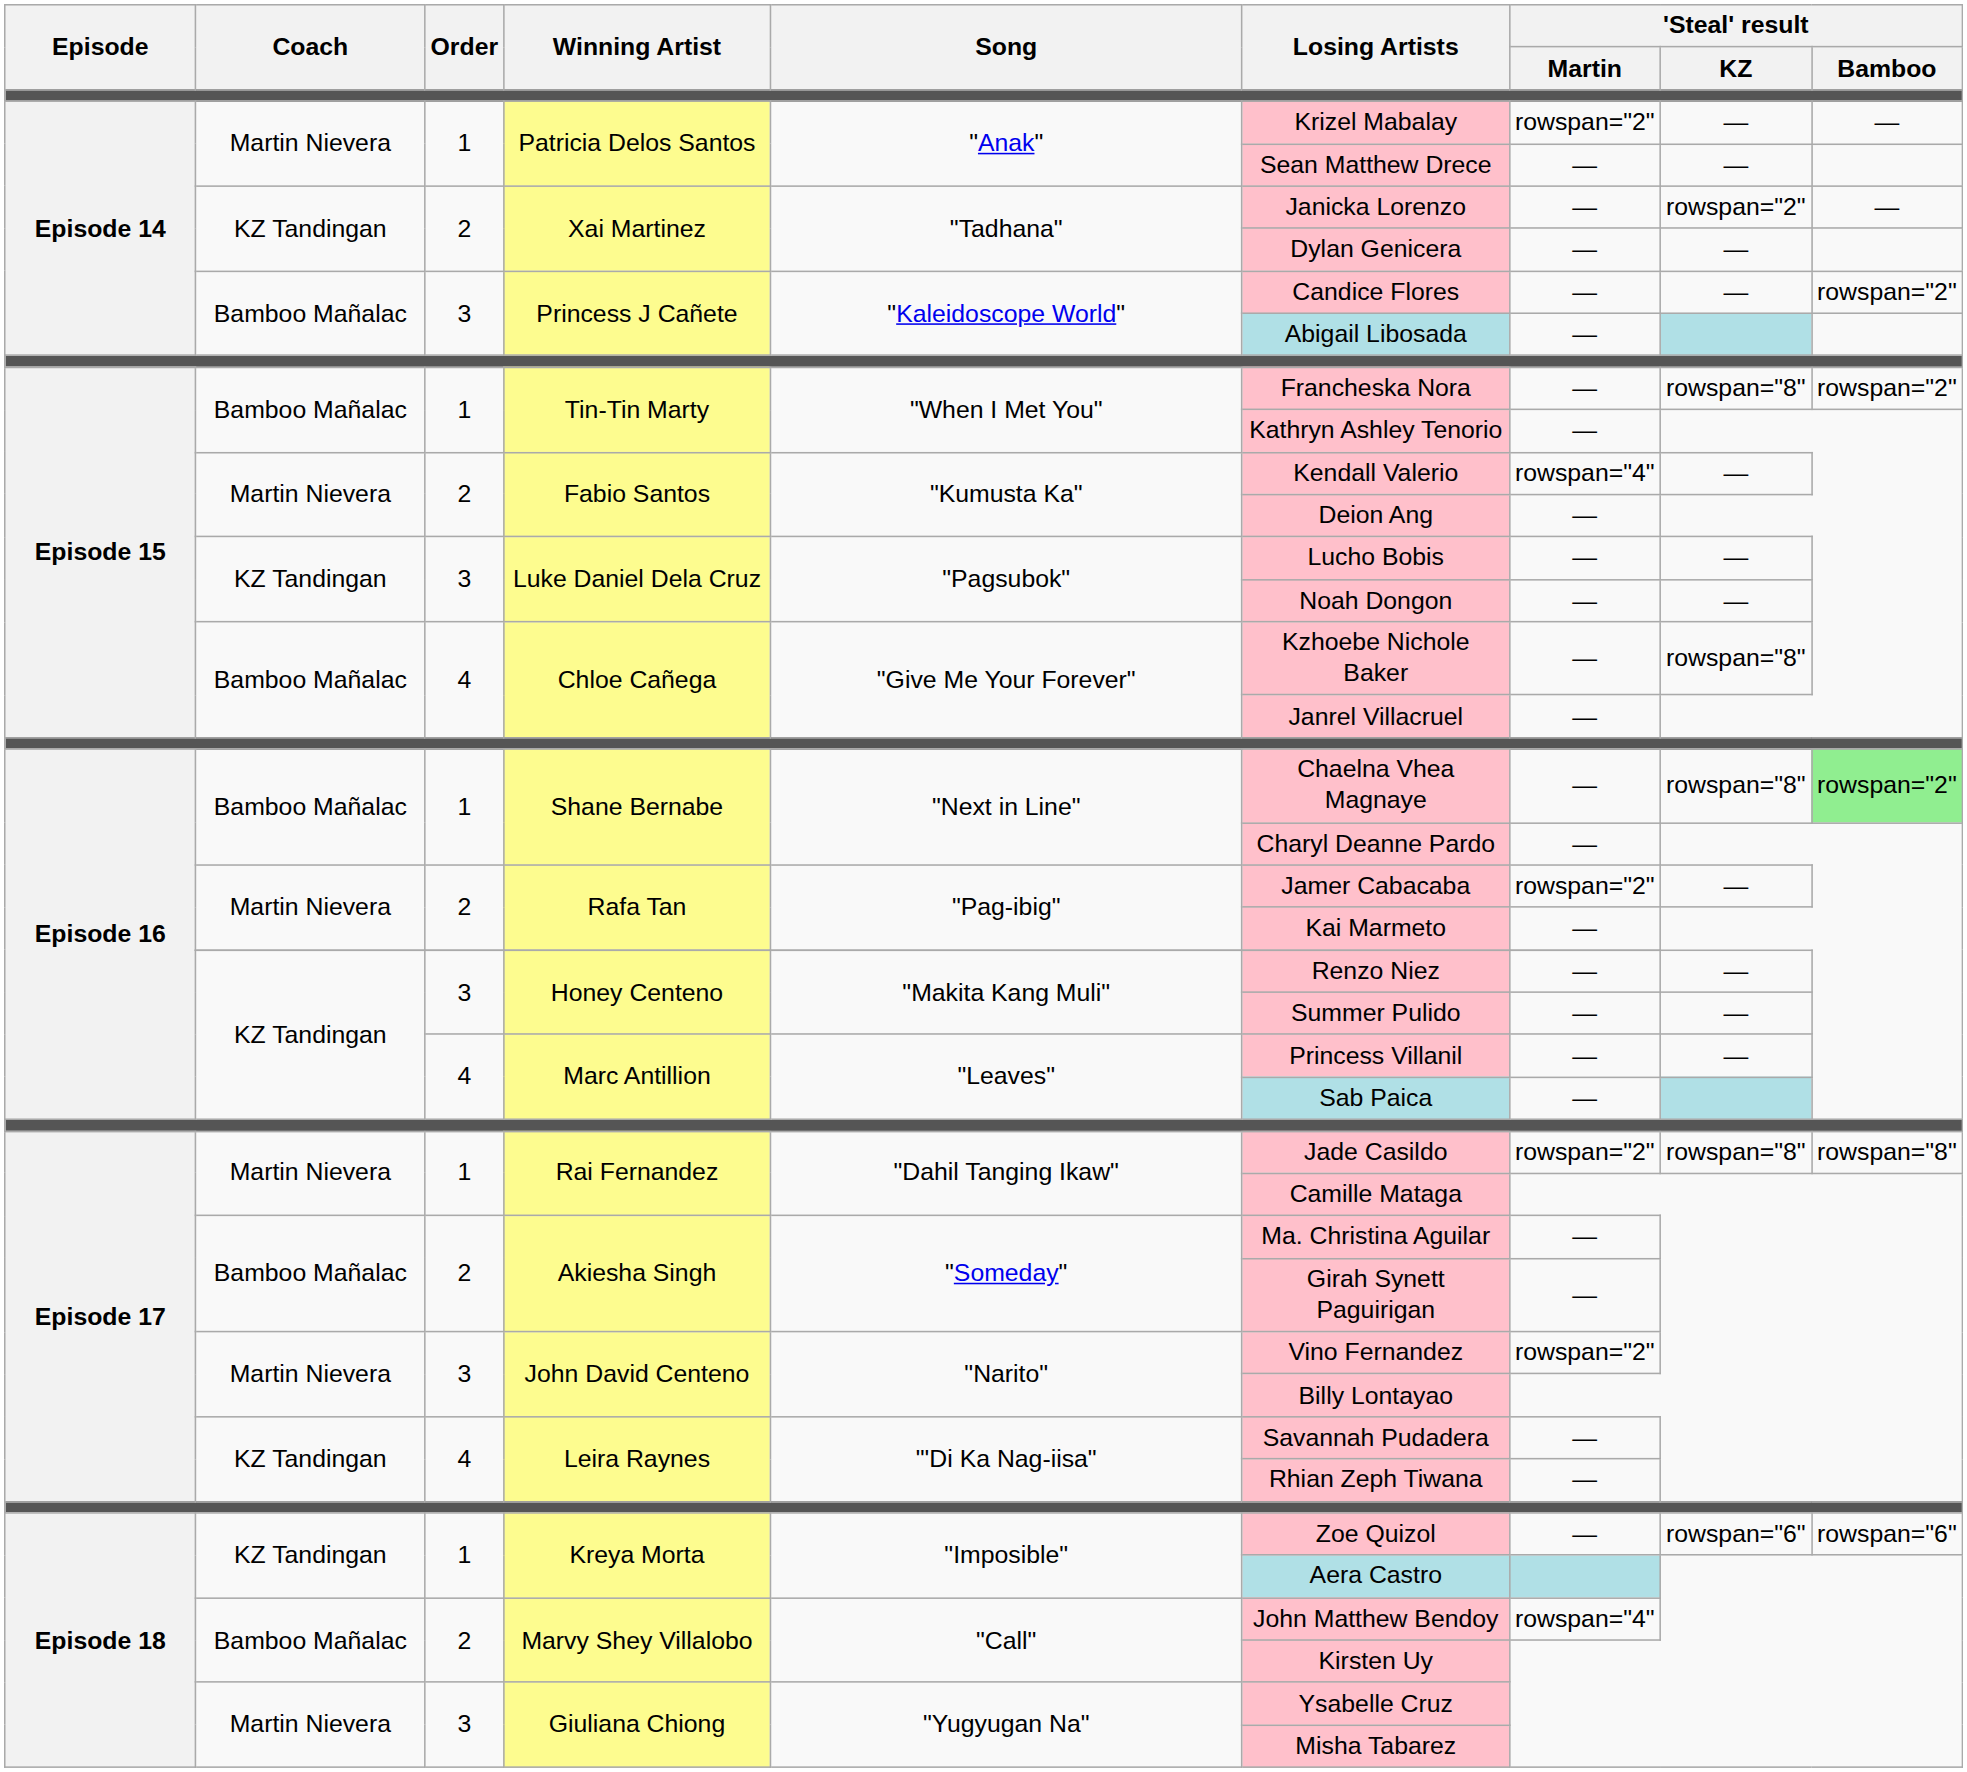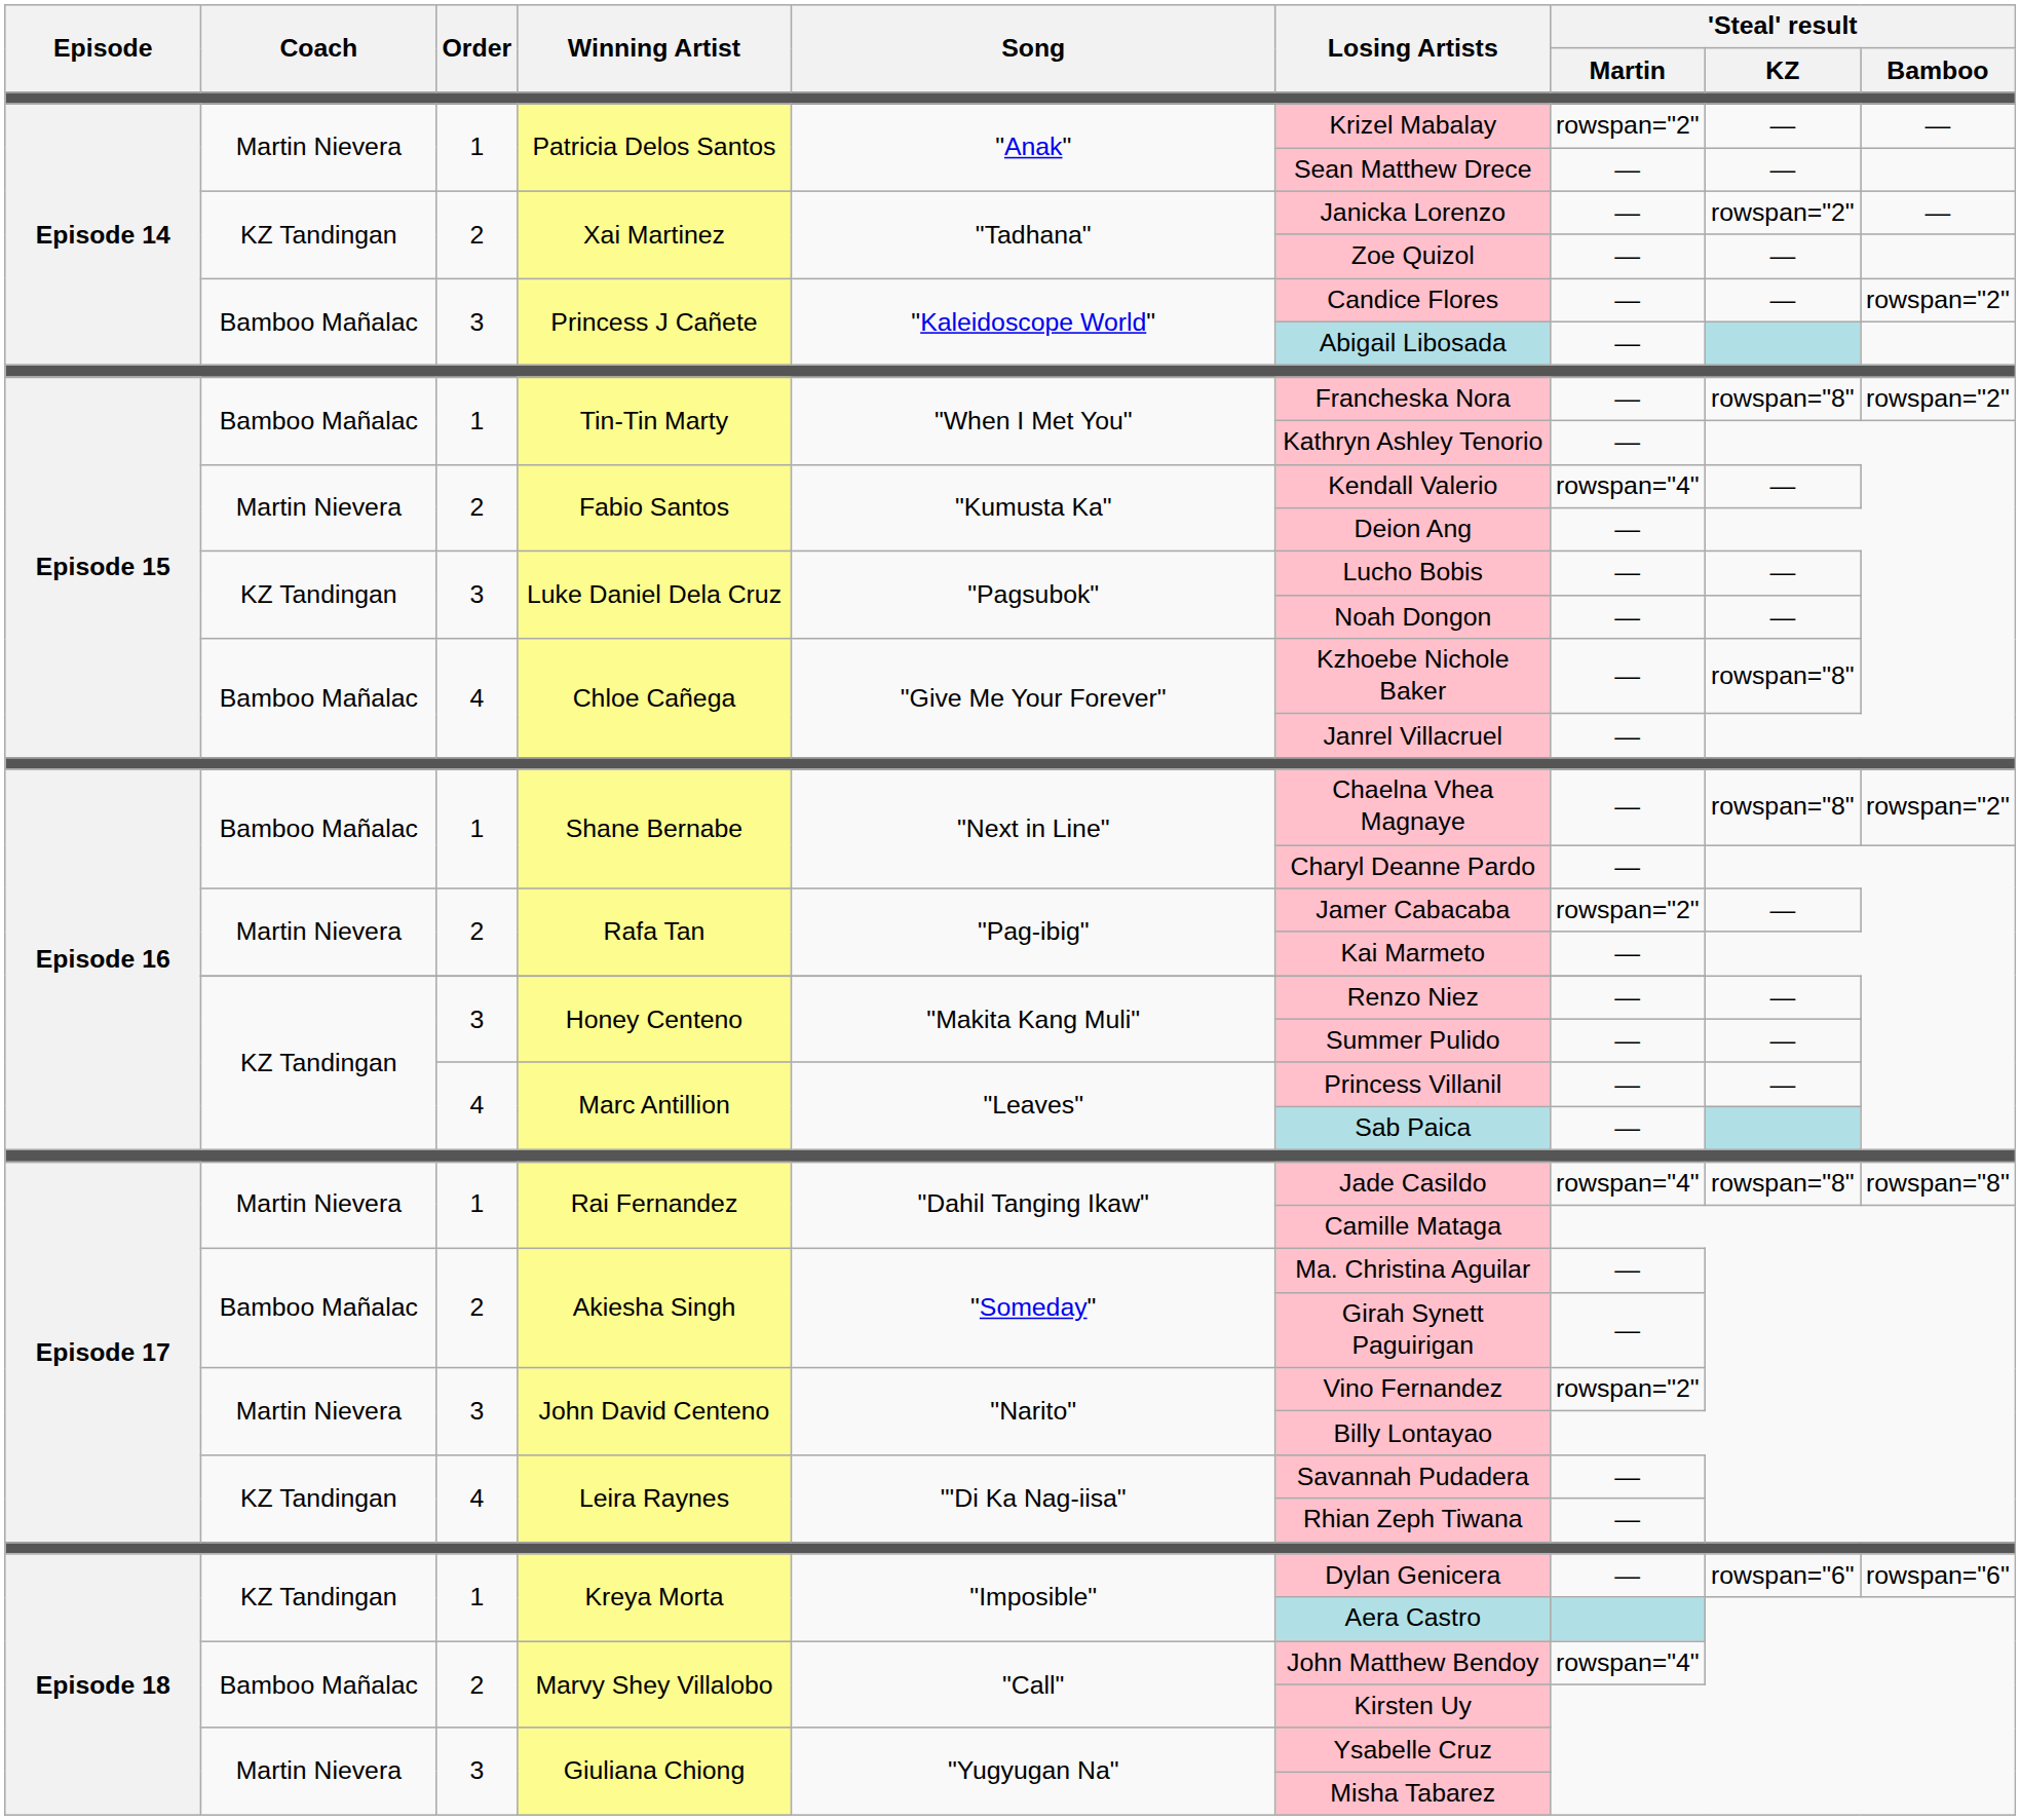 <table class="wikitable" style="text-align: center; line-height:20px;width:100%;">
 <tr>
 <th rowspan="2" style="width:10%;">Episode</th>
 <th rowspan="2" style="width:12%;">Coach</th>
 <th rowspan="2" style="width:04%;">Order</th>
 <th rowspan="2" style="width:14%;">Winning Artist</th>
 <th rowspan="2" style="width:25%;">Song</th>
 <th rowspan="2" style="width:14%;">Losing Artists</th>
 <th colspan="3" style="width:21%;">'Steal' result</th>
 </tr>
 <tr>
 <th style="width:07%;">Martin</th>
 <th style="width:07%;">KZ</th>
 <th style="width:07%;">Bamboo</th>
 </tr>
 <tr>
 <td colspan="9" style="background:#555;"></td>
 </tr>
 <tr>
 <th rowspan="6">Episode 14<br><small></small></th>
 <td rowspan="2">Martin Nievera</td>
 <td rowspan="2">1</td>
 <td rowspan="2" style="background:#fdfc8f;">Patricia Delos Santos</td>
 <td rowspan="2">"<a href='#'>Anak</a>"</td>
 <td style="background:pink;">Krizel Mabalay</td>
 <td>rowspan="2" </td>
 <td>—</td>
 <td>—</td>
 </tr>
 <tr>
 <td style="background:pink;">Sean Matthew Drece</td>
 <td>—</td>
 <td>—</td>
 </tr>
 <tr>
 <td rowspan="2">KZ Tandingan</td>
 <td rowspan="2">2</td>
 <td rowspan="2" style="background:#fdfc8f;">Xai Martinez</td>
 <td rowspan="2">"Tadhana"</td>
 <td style="background:pink;">Janicka Lorenzo</td>
 <td>—</td>
 <td>rowspan="2" </td>
 <td>—</td>
 </tr>
 <tr>
-<td style="background:pink;">Dylan Genicera</td>
+<td style="background:pink;">Zoe Quizol</td>
 <td>—</td>
 <td>—</td>
 </tr>
 <tr>
 <td rowspan="2">Bamboo Mañalac</td>
 <td rowspan="2">3</td>
 <td rowspan="2" style="background:#fdfc8f;">Princess J Cañete</td>
 <td rowspan="2">"<a href='#'>Kaleidoscope World</a>"</td>
 <td style="background:pink;">Candice Flores</td>
 <td>—</td>
 <td>—</td>
 <td>rowspan="2" </td>
 </tr>
 <tr>
 <td style="background:#b0e0e6;">Abigail Libosada</td>
 <td>—</td>
 <td style="background:#b0e0e6;"><strong></strong></td>
 </tr>
 <tr>
 <td colspan="9" style="background:#555;"></td>
 </tr>
 <tr>
 <th rowspan="8">Episode 15<br><small></small></th>
 <td rowspan="2">Bamboo Mañalac</td>
 <td rowspan="2">1</td>
 <td rowspan="2" style="background:#fdfc8f;">Tin-Tin Marty</td>
 <td rowspan="2">"When I Met You"</td>
 <td style="background:pink;">Francheska Nora</td>
 <td>—</td>
 <td>rowspan="8" </td>
 <td>rowspan="2" </td>
 </tr>
 <tr>
 <td style="background:pink;">Kathryn Ashley Tenorio</td>
 <td>—</td>
 </tr>
 <tr>
 <td rowspan="2">Martin Nievera</td>
 <td rowspan="2">2</td>
 <td rowspan="2" style="background:#fdfc8f;">Fabio Santos</td>
 <td rowspan="2">"Kumusta Ka"</td>
 <td style="background:pink;">Kendall Valerio</td>
 <td>rowspan="4" </td>
 <td>—</td>
 </tr>
 <tr>
 <td style="background:pink;">Deion Ang</td>
 <td>—</td>
 </tr>
 <tr>
 <td rowspan="2">KZ Tandingan</td>
 <td rowspan="2">3</td>
 <td rowspan="2" style="background:#fdfc8f;">Luke Daniel Dela Cruz</td>
 <td rowspan="2">"Pagsubok"</td>
 <td style="background:pink;">Lucho Bobis</td>
 <td>—</td>
 <td>—</td>
 </tr>
 <tr>
 <td style="background:pink;">Noah Dongon</td>
 <td>—</td>
 <td>—</td>
 </tr>
 <tr>
 <td rowspan="2">Bamboo Mañalac</td>
 <td rowspan="2">4</td>
 <td rowspan="2" style="background:#fdfc8f;">Chloe Cañega</td>
 <td rowspan="2">"Give Me Your Forever"</td>
 <td style="background:pink;">Kzhoebe Nichole Baker</td>
 <td>—</td>
 <td>rowspan="8" </td>
 </tr>
 <tr>
 <td style="background:pink;">Janrel Villacruel</td>
 <td>—</td>
 </tr>
 <tr>
 <td colspan="9" style="background:#555;"></td>
 </tr>
 <tr>
 <th rowspan="9">Episode 16<br><small></small></th>
 <td rowspan="2">Bamboo Mañalac</td>
 <td rowspan="2">1</td>
 <td rowspan="2" style="background:#fdfc8f;">Shane Bernabe</td>
 <td rowspan="2">"Next in Line"</td>
 <td style="background:pink;">Chaelna Vhea Magnaye</td>
 <td>—</td>
 <td>rowspan="8" </td>
-<td style="background: lightgreen;">rowspan="2" </td>
+<td>rowspan="2" </td>
 </tr>
 <tr>
 <td style="background:pink;">Charyl Deanne Pardo</td>
 <td>—</td>
 </tr>
 <tr>
 <td rowspan="2">Martin Nievera</td>
 <td rowspan="2">2</td>
 <td rowspan="2" style="background:#fdfc8f;">Rafa Tan</td>
 <td rowspan="2">"Pag-ibig"</td>
 <td style="background:pink;">Jamer Cabacaba</td>
 <td>rowspan="2" </td>
 <td>—</td>
 </tr>
 <tr>
 <td style="background:pink;">Kai Marmeto</td>
 <td>—</td>
 </tr>
 <tr>
 </tr>
 <tr>
 <td rowspan="4">KZ Tandingan</td>
 <td rowspan="2">3</td>
 <td rowspan="2" style="background:#fdfc8f;">Honey Centeno</td>
 <td rowspan="2">"Makita Kang Muli"</td>
 <td style="background:pink;">Renzo Niez</td>
 <td>—</td>
 <td>—</td>
 </tr>
 <tr>
 <td style="background:pink;">Summer Pulido</td>
 <td>—</td>
 <td>—</td>
 </tr>
 <tr>
 <td rowspan="2">4</td>
 <td rowspan="2" style="background:#fdfc8f;">Marc Antillion</td>
 <td rowspan="2">"Leaves"</td>
 <td style="background:pink;">Princess Villanil</td>
 <td>—</td>
 <td>—</td>
 </tr>
 <tr>
 <td style="background:#b0e0e6;">Sab Paica</td>
 <td>—</td>
 <td style="background:#b0e0e6;"><strong></strong></td>
 </tr>
 <tr>
 <td colspan="9" style="background:#555;"></td>
 </tr>
 <tr>
 <th rowspan="8">Episode 17<br><small></small></th>
 <td rowspan="2">Martin Nievera</td>
 <td rowspan="2">1</td>
 <td rowspan="2" style="background:#fdfc8f;">Rai Fernandez</td>
 <td rowspan="2">"Dahil Tanging Ikaw"</td>
 <td style="background:pink;">Jade Casildo</td>
-<td>rowspan="2" </td>
+<td>rowspan="4" </td>
 <td>rowspan="8" </td>
 <td>rowspan="8" </td>
 </tr>
 <tr>
 <td style="background:pink;">Camille Mataga</td>
 </tr>
 <tr>
 <td rowspan="2">Bamboo Mañalac</td>
 <td rowspan="2">2</td>
 <td rowspan="2" style="background:#fdfc8f;">Akiesha Singh</td>
 <td rowspan="2">"<a href='#'>Someday</a>"</td>
 <td style="background:pink;">Ma. Christina Aguilar</td>
 <td>—</td>
 </tr>
 <tr>
 <td style="background:pink;">Girah Synett Paguirigan</td>
 <td>—</td>
 </tr>
 <tr>
 <td rowspan="2">Martin Nievera</td>
 <td rowspan="2">3</td>
 <td rowspan="2" style="background:#fdfc8f;">John David Centeno</td>
 <td rowspan="2">"Narito"</td>
 <td style="background:pink;">Vino Fernandez</td>
 <td>rowspan="2" </td>
 </tr>
 <tr>
 <td style="background:pink;">Billy Lontayao</td>
 </tr>
 <tr>
 <td rowspan="2">KZ Tandingan</td>
 <td rowspan="2">4</td>
 <td rowspan="2" style="background:#fdfc8f;">Leira Raynes</td>
 <td rowspan="2">"'Di Ka Nag-iisa"</td>
 <td style="background:pink;">Savannah Pudadera</td>
 <td>—</td>
 </tr>
 <tr>
 <td style="background:pink;">Rhian Zeph Tiwana</td>
 <td>—</td>
 </tr>
 <tr>
 <td colspan="9" style="background:#555;"></td>
 </tr>
 <tr>
 <th rowspan="8">Episode 18<br><small></small></th>
 <td rowspan="2">KZ Tandingan</td>
 <td rowspan="2">1</td>
 <td rowspan="2" style="background:#fdfc8f;">Kreya Morta</td>
 <td rowspan="2">"Imposible"</td>
-<td style="background:pink;">Zoe Quizol</td>
+<td style="background:pink;">Dylan Genicera</td>
 <td>—</td>
 <td>rowspan="6" </td>
 <td>rowspan="6" </td>
 </tr>
 <tr>
 <td style="background:#b0e0e6;">Aera Castro</td>
 <td style="background:#b0e0e6;"><strong></strong></td>
 </tr>
 <tr>
 <td rowspan="2">Bamboo Mañalac</td>
 <td rowspan="2">2</td>
 <td rowspan="2" style="background:#fdfc8f;">Marvy Shey Villalobo</td>
 <td rowspan="2">"Call"</td>
 <td style="background:pink;">John Matthew Bendoy</td>
 <td>rowspan="4" </td>
 </tr>
 <tr>
 <td style="background:pink;">Kirsten Uy</td>
 </tr>
 <tr>
 <td rowspan="2">Martin Nievera</td>
 <td rowspan="2">3</td>
 <td rowspan="2" style="background:#fdfc8f;">Giuliana Chiong</td>
 <td rowspan="2">"Yugyugan Na"</td>
 <td style="background:pink;">Ysabelle Cruz</td>
 </tr>
 <tr>
 <td style="background:pink;">Misha Tabarez</td>
 </tr>
 </table>
